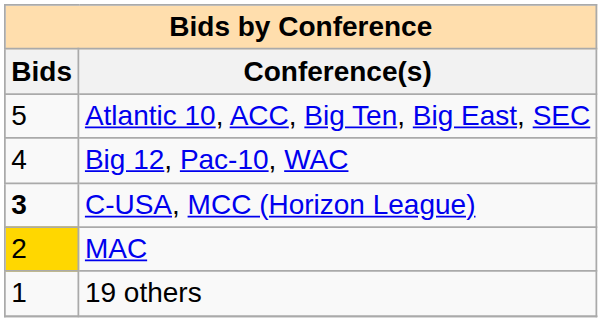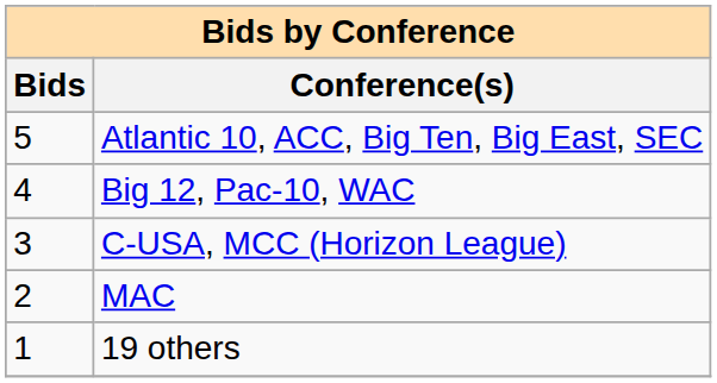 <table class="wikitable">
 <tr>
 <th colspan="5" style="background:#ffdead;">Bids by Conference</th>
 </tr>
 <tr>
 <th>Bids</th>
 <th>Conference(s)</th>
 </tr>
 <tr>
 <td>5</td>
 <td><a href='#'>Atlantic 10</a>, <a href='#'>ACC</a>, <a href='#'>Big Ten</a>, <a href='#'>Big East</a>, <a href='#'>SEC</a></td>
 </tr>
 <tr>
 <td>4</td>
 <td><a href='#'>Big 12</a>, <a href='#'>Pac-10</a>, <a href='#'>WAC</a></td>
 </tr>
 <tr>
-<td><strong>3</strong></td>
+<td>3</td>
 <td><a href='#'>C-USA</a>, <a href='#'>MCC (Horizon League)</a></td>
 </tr>
 <tr>
-<td style="background: gold;">2</td>
+<td>2</td>
 <td><a href='#'>MAC</a></td>
 </tr>
 <tr>
 <td>1</td>
 <td>19 others</td>
 </tr>
 <tr>
 </tr>
 </table>
